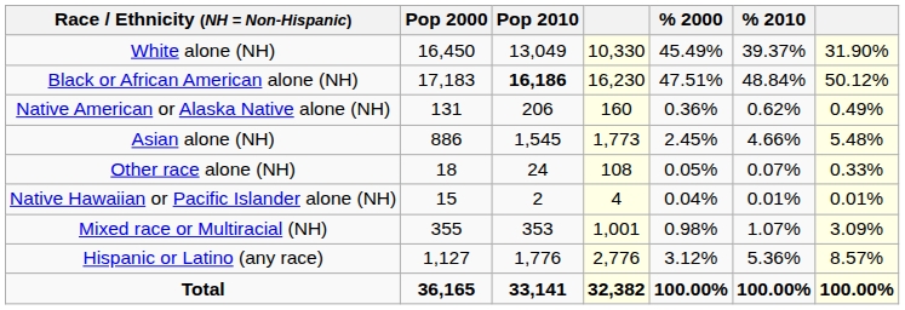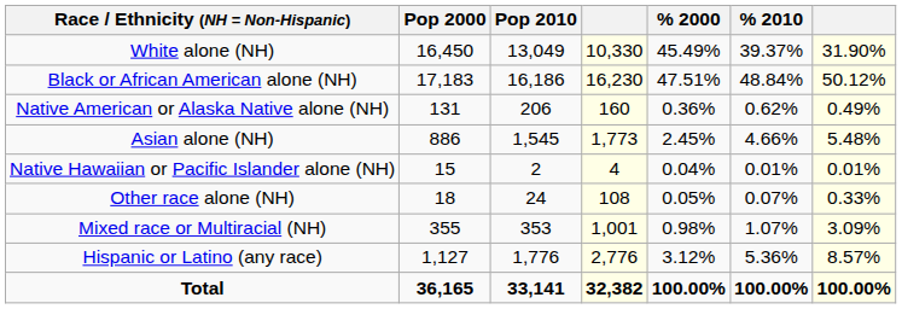 <table class="wikitable" style="text-align:center;">
 <tr>
 <th>Race / Ethnicity <small>(<em>NH = Non-Hispanic</em>)</small></th>
 <th>Pop 2000</th>
 <th>Pop 2010</th>
 <th></th>
 <th>% 2000</th>
 <th>% 2010</th>
 <th></th>
 </tr>
 <tr>
 <td><a href='#'>White</a> alone (NH)</td>
 <td>16,450</td>
 <td>13,049</td>
 <td style='background: #ffffe6;'>10,330</td>
 <td>45.49%</td>
 <td>39.37%</td>
 <td style='background: #ffffe6;'>31.90%</td>
 </tr>
 <tr>
 <td><a href='#'>Black or African American</a> alone (NH)</td>
 <td>17,183</td>
-<td><strong>16,186</strong></td>
+<td>16,186</td>
 <td style='background: #ffffe6;'>16,230</td>
 <td>47.51%</td>
 <td>48.84%</td>
 <td style='background: #ffffe6;'>50.12%</td>
 </tr>
 <tr>
 <td><a href='#'>Native American</a> or <a href='#'>Alaska Native</a> alone (NH)</td>
 <td>131</td>
 <td>206</td>
 <td style='background: #ffffe6;'>160</td>
 <td>0.36%</td>
 <td>0.62%</td>
 <td style='background: #ffffe6;'>0.49%</td>
 </tr>
 <tr>
 <td><a href='#'>Asian</a> alone (NH)</td>
 <td>886</td>
 <td>1,545</td>
 <td style='background: #ffffe6;'>1,773</td>
 <td>2.45%</td>
 <td>4.66%</td>
 <td style='background: #ffffe6;'>5.48%</td>
 </tr>
 <tr>
+<td><a href='#'>Native Hawaiian</a> or <a href='#'>Pacific Islander</a> alone (NH)</td>
+<td>15</td>
+<td>2</td>
+<td style='background: #ffffe6;'>4</td>
+<td>0.04%</td>
+<td>0.01%</td>
+<td style='background: #ffffe6;'>0.01%</td>
+</tr>
+<tr>
 <td><a href='#'>Other race</a> alone (NH)</td>
 <td>18</td>
 <td>24</td>
 <td style='background: #ffffe6;'>108</td>
 <td>0.05%</td>
 <td>0.07%</td>
 <td style='background: #ffffe6;'>0.33%</td>
-</tr>
-<tr>
-<td><a href='#'>Native Hawaiian</a> or <a href='#'>Pacific Islander</a> alone (NH)</td>
-<td>15</td>
-<td>2</td>
-<td style='background: #ffffe6;'>4</td>
-<td>0.04%</td>
-<td>0.01%</td>
-<td style='background: #ffffe6;'>0.01%</td>
 </tr>
 <tr>
 <td><a href='#'>Mixed race or Multiracial</a> (NH)</td>
 <td>355</td>
 <td>353</td>
 <td style='background: #ffffe6;'>1,001</td>
 <td>0.98%</td>
 <td>1.07%</td>
 <td style='background: #ffffe6;'>3.09%</td>
 </tr>
 <tr>
 <td><a href='#'>Hispanic or Latino</a> (any race)</td>
 <td>1,127</td>
 <td>1,776</td>
 <td style='background: #ffffe6;'>2,776</td>
 <td>3.12%</td>
 <td>5.36%</td>
 <td style='background: #ffffe6;'>8.57%</td>
 </tr>
 <tr>
 <td><strong>Total</strong></td>
 <td><strong>36,165</strong></td>
 <td><strong>33,141</strong></td>
 <td style='background: #ffffe6;'><strong>32,382</strong></td>
 <td><strong>100.00%</strong></td>
 <td><strong>100.00%</strong></td>
 <td style='background: #ffffe6;'><strong>100.00%</strong></td>
 </tr>
 </table>
